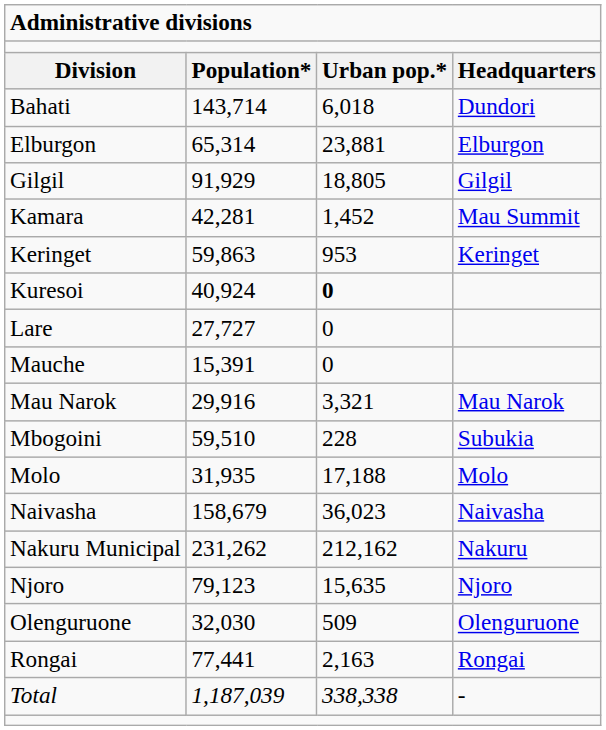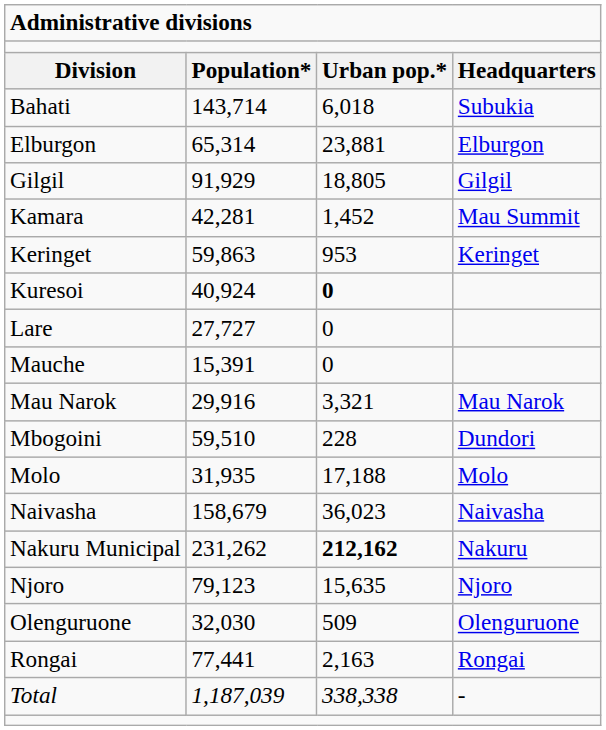 <table class="wikitable">
 <tr>
 <td colspan="4"><strong>Administrative divisions</strong></td>
 </tr>
 <tr>
 <td colspan="4"></td>
 </tr>
 <tr>
 <th>Division</th>
 <th>Population*</th>
 <th>Urban pop.*</th>
 <th>Headquarters</th>
 </tr>
 <tr>
 <td>Bahati</td>
 <td>143,714</td>
 <td>6,018</td>
-<td><a href='#'>Dundori</a></td>
+<td><a href='#'>Subukia</a></td>
 </tr>
 <tr>
 <td>Elburgon</td>
 <td>65,314</td>
 <td>23,881</td>
 <td><a href='#'>Elburgon</a></td>
 </tr>
 <tr>
 <td>Gilgil</td>
 <td>91,929</td>
 <td>18,805</td>
 <td><a href='#'>Gilgil</a></td>
 </tr>
 <tr>
 <td>Kamara</td>
 <td>42,281</td>
 <td>1,452</td>
 <td><a href='#'>Mau Summit</a></td>
 </tr>
 <tr>
 <td>Keringet</td>
 <td>59,863</td>
 <td>953</td>
 <td><a href='#'>Keringet</a></td>
 </tr>
 <tr>
 <td>Kuresoi</td>
 <td>40,924</td>
 <td><strong>0</strong></td>
 <td></td>
 </tr>
 <tr>
 <td>Lare</td>
 <td>27,727</td>
 <td>0</td>
 <td></td>
 </tr>
 <tr>
 <td>Mauche</td>
 <td>15,391</td>
 <td>0</td>
 <td></td>
 </tr>
 <tr>
 <td>Mau Narok</td>
 <td>29,916</td>
 <td>3,321</td>
 <td><a href='#'>Mau Narok</a></td>
 </tr>
 <tr>
 <td>Mbogoini</td>
 <td>59,510</td>
 <td>228</td>
-<td><a href='#'>Subukia</a></td>
+<td><a href='#'>Dundori</a></td>
 </tr>
 <tr>
 <td>Molo</td>
 <td>31,935</td>
 <td>17,188</td>
 <td><a href='#'>Molo</a></td>
 </tr>
 <tr>
 <td>Naivasha</td>
 <td>158,679</td>
 <td>36,023</td>
 <td><a href='#'>Naivasha</a></td>
 </tr>
 <tr>
 <td>Nakuru Municipal</td>
 <td>231,262</td>
-<td>212,162</td>
+<td><strong>212,162</strong></td>
 <td><a href='#'>Nakuru</a></td>
 </tr>
 <tr>
 <td>Njoro</td>
 <td>79,123</td>
 <td>15,635</td>
 <td><a href='#'>Njoro</a></td>
 </tr>
 <tr>
 <td>Olenguruone</td>
 <td>32,030</td>
 <td>509</td>
 <td><a href='#'>Olenguruone</a></td>
 </tr>
 <tr>
 <td>Rongai</td>
 <td>77,441</td>
 <td>2,163</td>
 <td><a href='#'>Rongai</a></td>
 </tr>
 <tr>
 <td><em>Total</em></td>
 <td><em>1,187,039</em></td>
 <td><em>338,338</em></td>
 <td>-</td>
 </tr>
 <tr>
 <td colspan="4"></td>
 </tr>
 </table>
